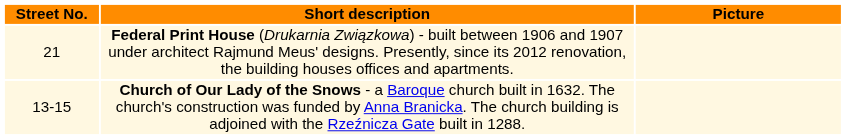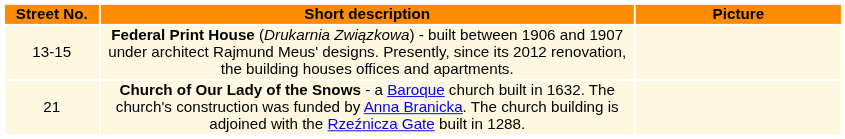 <table>
 <tr ---- bgcolor="#FF 8C 00">
 <th width=4%>Street No.</th>
 <th width=26%>Short description</th>
 <th width=10%>Picture</th>
 </tr>
 <tr ---- bgcolor="#FFF8E1">
-<td align="center">21</td>
+<td align="center">13-15</td>
 <td align="center"><strong>Federal Print House</strong> (<em>Drukarnia Związkowa</em>) - built between 1906 and 1907 under architect Rajmund Meus' designs. Presently, since its 2012 renovation, the building houses offices and apartments.</td>
 <td align="center"></td>
 </tr>
 <tr ---- bgcolor="#FFF8E1">
-<td align="center">13-15</td>
+<td align="center">21</td>
 <td align="center"><strong>Church of Our Lady of the Snows</strong> - a <a href='#'>Baroque</a> church built in 1632. The church's construction was funded by <a href='#'>Anna Branicka</a>. The church building is adjoined with the <a href='#'>Rzeźnicza Gate</a> built in 1288.</td>
 <td align="center"></td>
 </tr>
 </table>
